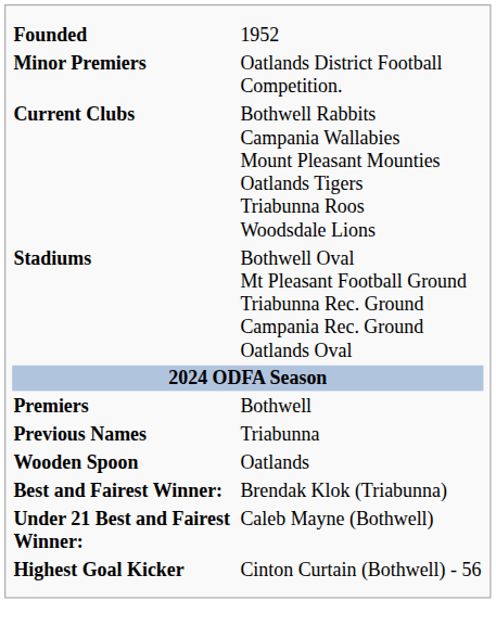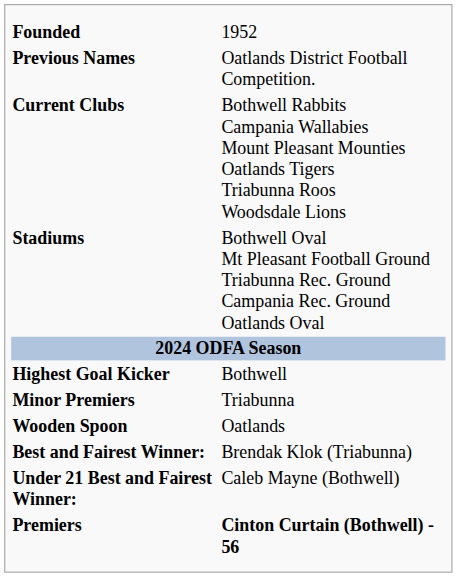 <table class="infobox" style="width: 25em; font-size: 95%;">
 <tr>
 <td align="center" colspan="2"></td>
 </tr>
 <tr style="vertical-align: top;">
 <td align="center" colspan="2"></td>
 </tr>
 <tr>
 <td><strong>Founded</strong></td>
 <td>1952</td>
 </tr>
 <tr>
-<td><strong>Minor Premiers</strong></td>
+<td><strong>Previous Names</strong></td>
 <td>Oatlands District Football Competition.</td>
 </tr>
 <tr>
 <td><strong>Current Clubs</strong></td>
 <td>Bothwell Rabbits<br>Campania Wallabies<br>Mount Pleasant Mounties<br>Oatlands Tigers<br>Triabunna Roos<br>Woodsdale Lions</td>
 </tr>
 <tr>
 <td><strong>Stadiums</strong></td>
 <td>Bothwell Oval<br>Mt Pleasant Football Ground<br>Triabunna Rec. Ground<br>Campania Rec. Ground<br>Oatlands Oval<br></td>
 </tr>
 <tr>
 <th colspan="2" bgcolor="#b0c4de"><strong>2024 ODFA Season</strong></th>
 </tr>
 <tr style="vertical-align: top;">
-<td><strong>Premiers</strong></td>
+<td><strong>Highest Goal Kicker</strong></td>
 <td>Bothwell</td>
 </tr>
 <tr>
-<td><strong>Previous Names</strong></td>
+<td><strong>Minor Premiers</strong></td>
 <td>Triabunna</td>
 </tr>
 <tr>
 <td><strong>Wooden Spoon</strong></td>
 <td>Oatlands</td>
 </tr>
 <tr>
 <td><strong>Best and Fairest Winner:</strong></td>
 <td>Brendak Klok (Triabunna)</td>
 </tr>
 <tr>
 <td><strong>Under 21 Best and Fairest Winner:</strong></td>
 <td>Caleb Mayne (Bothwell)</td>
 </tr>
 <tr>
-<td><strong>Highest Goal Kicker</strong></td>
-<td>Cinton Curtain (Bothwell) - 56</td>
+<td><strong>Premiers</strong></td>
+<td><strong>Cinton Curtain (Bothwell) - 56</strong></td>
 </tr>
 <tr>
 </tr>
 <tr>
 </tr>
 <tr style="vertical-align: top;">
 </tr>
 </table>
